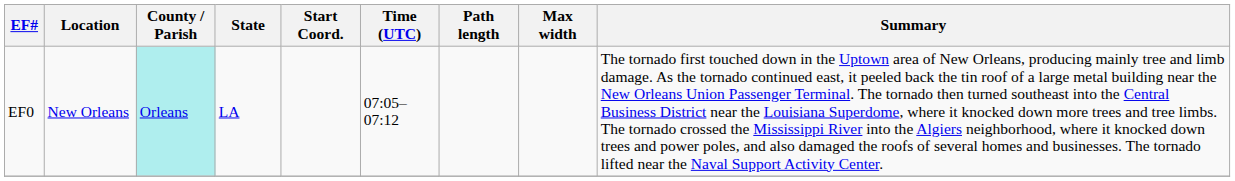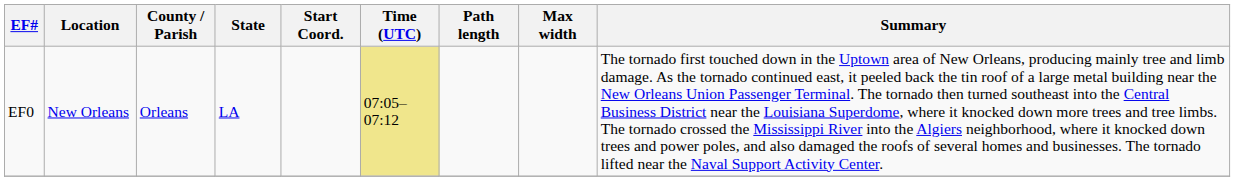 <table class="wikitable sortable" style="width:100%;">
 <tr>
 <th scope="col"  style="width:3%; text-align:center;"><a href='#'>EF#</a></th>
 <th scope="col"  style="width:7%; text-align:center;" class="unsortable">Location</th>
 <th scope="col"  style="width:6%; text-align:center;" class="unsortable">County / Parish</th>
 <th scope="col"  style="width:5%; text-align:center;">State</th>
 <th scope="col"  style="width:6%; text-align:center;">Start Coord.</th>
 <th scope="col"  style="width:6%; text-align:center;">Time (<a href='#'>UTC</a>)</th>
 <th scope="col"  style="width:6%; text-align:center;">Path length</th>
 <th scope="col"  style="width:6%; text-align:center;">Max width</th>
 <th scope="col" class="unsortable" style="width:48%; text-align:center;">Summary</th>
 </tr>
 <tr>
 <td>EF0</td>
 <td><a href='#'>New Orleans</a></td>
-<td style="background: paleturquoise;"><a href='#'>Orleans</a></td>
+<td><a href='#'>Orleans</a></td>
 <td><a href='#'>LA</a></td>
 <td></td>
-<td>07:05–07:12</td>
+<td style="background: khaki;">07:05–07:12</td>
 <td></td>
 <td></td>
 <td>The tornado first touched down in the <a href='#'>Uptown</a> area of New Orleans, producing mainly tree and limb damage. As the tornado continued east, it peeled back the tin roof of a large metal building near the <a href='#'>New Orleans Union Passenger Terminal</a>. The tornado then turned southeast into the <a href='#'>Central Business District</a> near the <a href='#'>Louisiana Superdome</a>, where it knocked down more trees and tree limbs. The tornado crossed the <a href='#'>Mississippi River</a> into the <a href='#'>Algiers</a> neighborhood, where it knocked down trees and power poles, and also damaged the roofs of several homes and businesses. The tornado lifted near the <a href='#'>Naval Support Activity Center</a>.</td>
 </tr>
 <tr>
 </tr>
 </table>
